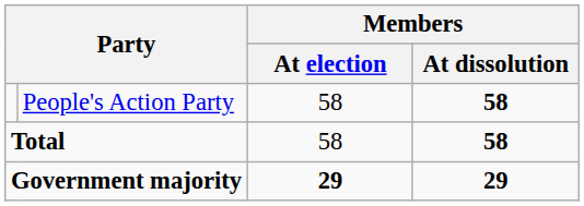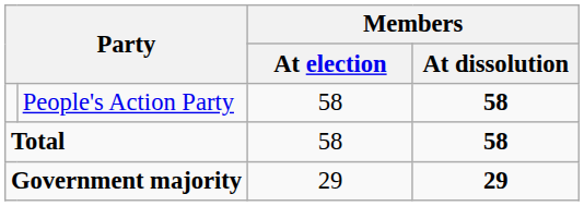 <table class="wikitable" border="1">
 <tr>
 <th colspan="2" rowspan="2">Party</th>
 <th colspan="2">Members</th>
 </tr>
 <tr>
 <th width="100px">At <a href='#'>election</a></th>
 <th width="100px">At dissolution</th>
 </tr>
 <tr>
 <td></td>
 <td scope="row"><a href='#'>People's Action Party</a></td>
 <td align="center">58</td>
 <td align="center"><strong>58</strong></td>
 </tr>
 <tr>
 <td colspan="2"><strong>Total</strong></td>
 <td align="center">58</td>
 <td align="center"><strong>58</strong></td>
 </tr>
 <tr>
 <td colspan="2"><strong>Government majority</strong></td>
-<td align="center"><strong>29</strong></td>
+<td align="center">29</td>
 <td align="center"><strong>29</strong></td>
 </tr>
 </table>
